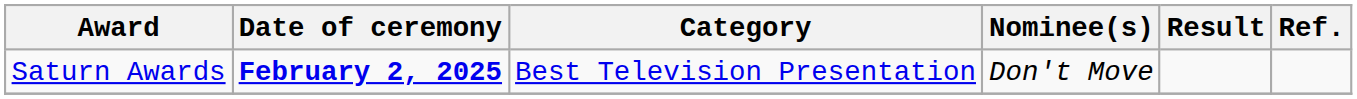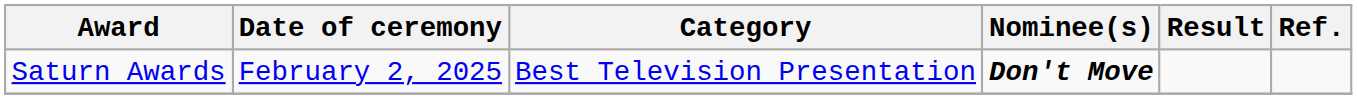 <table class="wikitable plainrowheaders sortable">
 <tr>
 <th scope="col">Award</th>
 <th scope="col">Date of ceremony</th>
 <th scope="col">Category</th>
 <th scope="col">Nominee(s)</th>
 <th scope="col">Result</th>
 <th scope="col">Ref.</th>
 </tr>
 <tr>
 <td><a href='#'>Saturn Awards</a></td>
-<td><strong><a href='#'>February 2, 2025</a></strong></td>
+<td><a href='#'>February 2, 2025</a></td>
 <td><a href='#'>Best Television Presentation</a></td>
-<td><em>Don't Move</em></td>
+<td><strong><em>Don't Move</em></strong></td>
 <td></td>
 <td align="center" rowspan="1"></td>
 </tr>
 <tr>
 </tr>
 </table>
